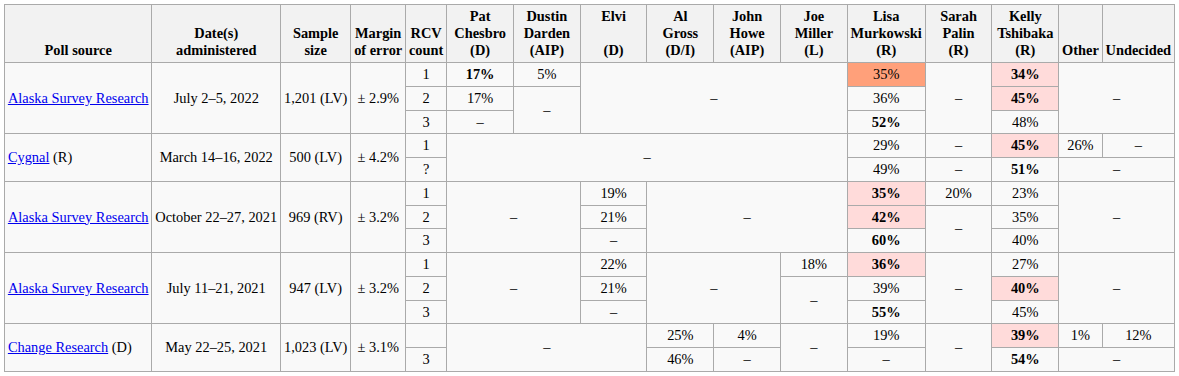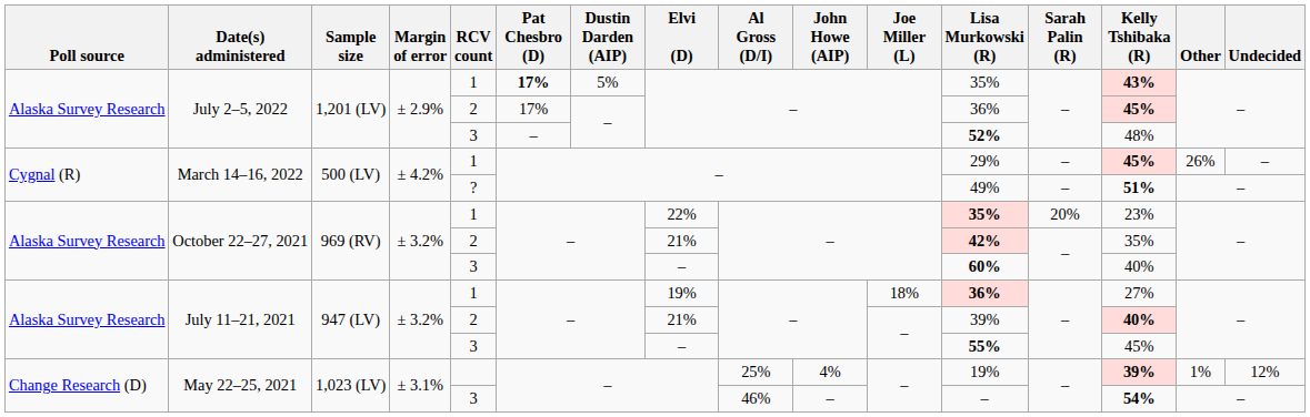 <table class="wikitable" style="font-size:90%;text-align:center;">
 <tr valign=bottom>
 <th>Poll source</th>
 <th>Date(s)<br>administered</th>
 <th>Sample<br>size</th>
 <th>Margin<br>of error</th>
 <th>RCV<br>count</th>
 <th style="width:60px;">Pat<br>Chesbro<br>(D)</th>
 <th style="width:60px;">Dustin<br>Darden<br>(AIP)</th>
 <th style="width:60px;">Elvi<br><br>(D)</th>
 <th style="width:60px;">Al<br>Gross<br>(D/I)</th>
 <th style="width:60px;">John<br>Howe<br>(AIP)</th>
 <th style="width:60px;">Joe<br>Miller<br>(L)</th>
 <th style="width:60px;">Lisa<br>Murkowski<br>(R)</th>
 <th style="width:60px;">Sarah<br>Palin<br>(R)</th>
 <th style="width:60px;">Kelly<br>Tshibaka<br>(R)</th>
 <th>Other</th>
 <th>Undecided</th>
 </tr>
 <tr>
 <td style="text-align:left;" rowspan="3"><a href='#'>Alaska Survey Research</a></td>
 <td rowspan="3">July 2–5, 2022</td>
 <td rowspan="3">1,201 (LV)</td>
 <td rowspan="3">± 2.9%</td>
 <td>1</td>
 <td><strong>17%</strong></td>
 <td>5%</td>
 <td rowspan="3" colspan="4">–</td>
-<td style="background: lightsalmon;">35%</td>
+<td>35%</td>
 <td rowspan="3">–</td>
-<td style="background:#ffdbda"><strong>34%</strong></td>
+<td style="background:#ffdbda"><strong>43%</strong></td>
 <td rowspan="3" colspan="2">–</td>
 </tr>
 <tr>
 <td>2</td>
 <td>17%</td>
 <td rowspan="2">–</td>
 <td>36%</td>
 <td style="background:#ffdbda"><strong>45%</strong></td>
 </tr>
 <tr>
 <td>3</td>
 <td>–</td>
 <td><strong>52%</strong></td>
 <td>48%</td>
 </tr>
 <tr>
 <td style="text-align:left;" rowspan="2"><a href='#'>Cygnal</a> (R)</td>
 <td rowspan="2">March 14–16, 2022</td>
 <td rowspan="2">500 (LV)</td>
 <td rowspan="2">± 4.2%</td>
 <td>1</td>
 <td rowspan="2" colspan="6">–</td>
 <td>29%</td>
 <td>–</td>
 <td style="background:#ffdbda"><strong>45%</strong></td>
 <td>26%</td>
 <td>–</td>
 </tr>
 <tr>
 <td>?</td>
 <td>49%</td>
 <td>–</td>
 <td><strong>51%</strong></td>
 <td colspan="2">–</td>
 </tr>
 <tr>
 <td style="text-align:left;" rowspan="3"><a href='#'>Alaska Survey Research</a></td>
 <td rowspan="3">October 22–27, 2021</td>
 <td rowspan="3">969 (RV)</td>
 <td rowspan="3">± 3.2%</td>
 <td>1</td>
 <td rowspan="3" colspan="2">–</td>
-<td>19%</td>
+<td>22%</td>
 <td rowspan="3" colspan="3">–</td>
 <td style="background:#ffdbda"><strong>35%</strong></td>
 <td>20%</td>
 <td>23%</td>
 <td rowspan="3" colspan="2">–</td>
 </tr>
 <tr>
 <td>2</td>
 <td>21%</td>
 <td style="background:#ffdbda"><strong>42%</strong></td>
 <td rowspan="2">–</td>
 <td>35%</td>
 </tr>
 <tr>
 <td>3</td>
 <td>–</td>
 <td><strong>60%</strong></td>
 <td>40%</td>
 </tr>
 <tr>
 <td style="text-align:left;" rowspan="3"><a href='#'>Alaska Survey Research</a></td>
 <td rowspan="3">July 11–21, 2021</td>
 <td rowspan="3">947 (LV)</td>
 <td rowspan="3">± 3.2%</td>
 <td>1</td>
 <td rowspan="3" colspan="2">–</td>
-<td>22%</td>
+<td>19%</td>
 <td rowspan="3" colspan="2">–</td>
 <td>18%</td>
 <td style="background:#ffdbda"><strong>36%</strong></td>
 <td rowspan="3">–</td>
 <td>27%</td>
 <td rowspan="3" colspan="2">–</td>
 </tr>
 <tr>
 <td>2</td>
 <td>21%</td>
 <td rowspan="2">–</td>
 <td>39%</td>
 <td style="background:#ffdbda"><strong>40%</strong></td>
 </tr>
 <tr>
 <td>3</td>
 <td>–</td>
 <td><strong>55%</strong></td>
 <td>45%</td>
 </tr>
 <tr>
 <td style="text-align:left;" rowspan="2"><a href='#'>Change Research</a> (D)</td>
 <td rowspan="2">May 22–25, 2021</td>
 <td rowspan="2">1,023 (LV)</td>
 <td rowspan="2">± 3.1%</td>
 <td></td>
 <td rowspan="2" colspan="3">–</td>
 <td>25%</td>
 <td>4%</td>
 <td rowspan="2">–</td>
 <td>19%</td>
 <td rowspan="2">–</td>
 <td style="background:#ffdbda"><strong>39%</strong></td>
 <td>1%</td>
 <td>12%</td>
 </tr>
 <tr>
 <td>3</td>
 <td>46%</td>
 <td>–</td>
 <td>–</td>
 <td><strong>54%</strong></td>
 <td colspan="2">–</td>
 </tr>
 </table>
